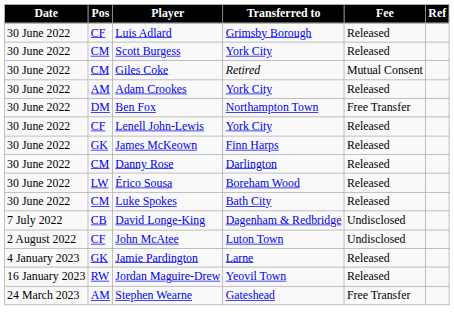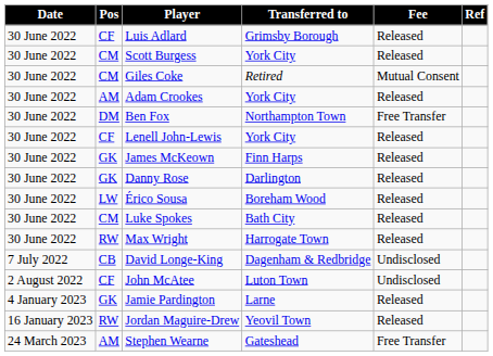 <table class="wikitable plainrowheaders sortable">
 <tr>
 <th style="background:#000000; color:#FFFFFF; ">Date</th>
 <th style="background:#000000; color:#FFFFff; ">Pos</th>
 <th style="background:#000000; color:#FFFFff; ">Player</th>
 <th style="background:#000000; color:#FFFFff; ">Transferred to</th>
 <th style="background:#000000; color:#FFFFff; ">Fee</th>
 <th style="background:#000000; color:#FFFFff; ">Ref</th>
 </tr>
 <tr>
 <td>30 June 2022</td>
 <td><a href='#'>CF</a></td>
 <td> <a href='#'>Luis Adlard</a></td>
 <td> <a href='#'>Grimsby Borough</a></td>
 <td>Released</td>
 <td></td>
 </tr>
 <tr>
 <td>30 June 2022</td>
 <td><a href='#'>CM</a></td>
 <td> <a href='#'>Scott Burgess</a></td>
 <td> <a href='#'>York City</a></td>
 <td>Released</td>
 <td></td>
 </tr>
 <tr>
 <td>30 June 2022</td>
 <td><a href='#'>CM</a></td>
 <td> <a href='#'>Giles Coke</a></td>
 <td> <em>Retired</em></td>
 <td>Mutual Consent</td>
 <td></td>
 </tr>
 <tr>
 <td>30 June 2022</td>
 <td><a href='#'>AM</a></td>
 <td> <a href='#'>Adam Crookes</a></td>
 <td> <a href='#'>York City</a></td>
 <td>Released</td>
 <td></td>
 </tr>
 <tr>
 <td>30 June 2022</td>
 <td><a href='#'>DM</a></td>
 <td> <a href='#'>Ben Fox</a></td>
 <td> <a href='#'>Northampton Town</a></td>
 <td>Free Transfer</td>
 <td></td>
 </tr>
 <tr>
 <td>30 June 2022</td>
 <td><a href='#'>CF</a></td>
 <td> <a href='#'>Lenell John-Lewis</a></td>
 <td> <a href='#'>York City</a></td>
 <td>Released</td>
 <td></td>
 </tr>
 <tr>
 <td>30 June 2022</td>
 <td><a href='#'>GK</a></td>
 <td> <a href='#'>James McKeown</a></td>
 <td> <a href='#'>Finn Harps</a></td>
 <td>Released</td>
 <td></td>
 </tr>
 <tr>
 <td>30 June 2022</td>
-<td><a href='#'>CM</a></td>
+<td><a href='#'>GK</a></td>
 <td> <a href='#'>Danny Rose</a></td>
 <td> <a href='#'>Darlington</a></td>
 <td>Released</td>
 <td></td>
 </tr>
 <tr>
 <td>30 June 2022</td>
 <td><a href='#'>LW</a></td>
 <td> <a href='#'>Érico Sousa</a></td>
 <td> <a href='#'>Boreham Wood</a></td>
 <td>Released</td>
 <td></td>
 </tr>
 <tr>
 <td>30 June 2022</td>
 <td><a href='#'>CM</a></td>
 <td> <a href='#'>Luke Spokes</a></td>
 <td> <a href='#'>Bath City</a></td>
+<td>Released</td>
+<td></td>
+</tr>
+<tr>
+<td>30 June 2022</td>
+<td><a href='#'>RW</a></td>
+<td> <a href='#'>Max Wright</a></td>
+<td> <a href='#'>Harrogate Town</a></td>
 <td>Released</td>
 <td></td>
 </tr>
 <tr>
 <td>7 July 2022</td>
 <td><a href='#'>CB</a></td>
 <td> <a href='#'>David Longe-King</a></td>
 <td> <a href='#'>Dagenham & Redbridge</a></td>
 <td>Undisclosed</td>
 <td></td>
 </tr>
 <tr>
 <td>2  August 2022</td>
 <td><a href='#'>CF</a></td>
 <td> <a href='#'>John McAtee</a></td>
 <td> <a href='#'>Luton Town</a></td>
 <td>Undisclosed</td>
 <td></td>
 </tr>
 <tr>
 <td>4 January 2023</td>
 <td><a href='#'>GK</a></td>
 <td> <a href='#'>Jamie Pardington</a></td>
 <td> <a href='#'>Larne</a></td>
 <td>Released</td>
 <td></td>
 </tr>
 <tr>
 <td>16 January 2023</td>
 <td><a href='#'>RW</a></td>
 <td> <a href='#'>Jordan Maguire-Drew</a></td>
 <td> <a href='#'>Yeovil Town</a></td>
 <td>Released</td>
 <td></td>
 </tr>
 <tr>
 <td>24 March 2023</td>
 <td><a href='#'>AM</a></td>
 <td> <a href='#'>Stephen Wearne</a></td>
 <td> <a href='#'>Gateshead</a></td>
 <td>Free Transfer</td>
 <td></td>
 </tr>
 </table>
